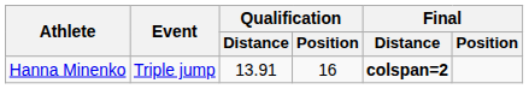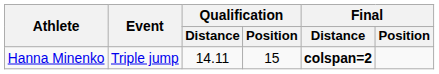 <table class=wikitable style=font-size:90%>
 <tr>
 <th rowspan=2>Athlete</th>
 <th rowspan=2>Event</th>
 <th colspan=2>Qualification</th>
 <th colspan=2>Final</th>
 </tr>
 <tr style=font-size:95%>
 <th>Distance</th>
 <th>Position</th>
 <th>Distance</th>
 <th>Position</th>
 </tr>
 <tr align=center>
 <td align=left><a href='#'>Hanna Minenko</a></td>
 <td align=left><a href='#'>Triple jump</a></td>
-<td>13.91</td>
-<td>16</td>
+<td>14.11</td>
+<td>15</td>
 <td><strong>colspan=2 </strong></td>
 </tr>
 </table>
